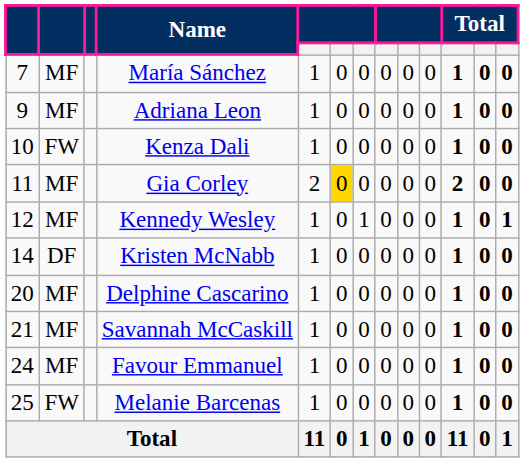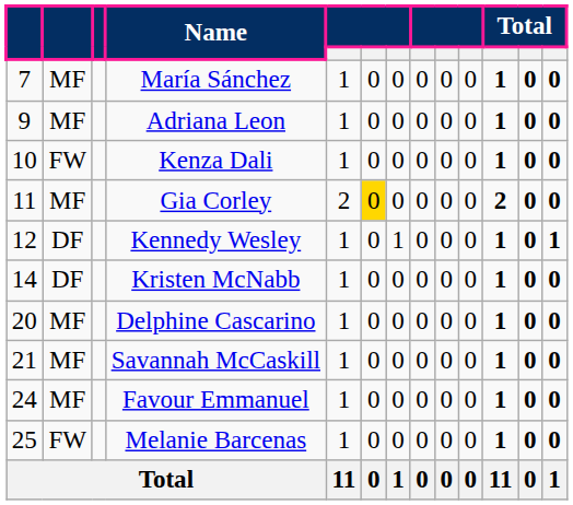 <table class="wikitable sortable" style="text-align:center;">
 <tr>
 <th rowspan="2" style="background:#032E62; color:white; border:2px solid #FC1896;"></th>
 <th rowspan="2" style="background:#032E62; color:white; border:2px solid #FC1896;"></th>
 <th rowspan="2" style="background:#032E62; color:white; border:2px solid #FC1896;"></th>
 <th rowspan="2" style="background:#032E62; color:white; border:2px solid #FC1896;">Name</th>
 <th colspan="3" style="background:#032E62; color:white; border:2px solid #FC1896;"></th>
 <th colspan="3" style="background:#032E62; color:white; border:2px solid #FC1896; "></th>
 <th colspan="3" style="background:#032E62; color:white; border:2px solid #FC1896;">Total</th>
 </tr>
 <tr>
 <th></th>
 <th></th>
 <th></th>
 <th></th>
 <th></th>
 <th></th>
 <th></th>
 <th></th>
 <th></th>
 </tr>
 <tr>
 <td>7</td>
 <td>MF</td>
 <td></td>
 <td><a href='#'>María Sánchez</a></td>
 <td>1</td>
 <td>0</td>
 <td>0</td>
 <td>0</td>
 <td>0</td>
 <td>0</td>
 <td><strong>1</strong></td>
 <td><strong>0</strong></td>
 <td><strong>0</strong></td>
 </tr>
 <tr>
 <td>9</td>
 <td>MF</td>
 <td></td>
 <td><a href='#'>Adriana Leon</a></td>
 <td>1</td>
 <td>0</td>
 <td>0</td>
 <td>0</td>
 <td>0</td>
 <td>0</td>
 <td><strong>1</strong></td>
 <td><strong>0</strong></td>
 <td><strong>0</strong></td>
 </tr>
 <tr>
 <td>10</td>
 <td>FW</td>
 <td></td>
 <td><a href='#'>Kenza Dali</a></td>
 <td>1</td>
 <td>0</td>
 <td>0</td>
 <td>0</td>
 <td>0</td>
 <td>0</td>
 <td><strong>1</strong></td>
 <td><strong>0</strong></td>
 <td><strong>0</strong></td>
 </tr>
 <tr>
 <td>11</td>
 <td>MF</td>
 <td></td>
 <td><a href='#'>Gia Corley</a></td>
 <td>2</td>
 <td style="background: gold;">0</td>
 <td>0</td>
 <td>0</td>
 <td>0</td>
 <td>0</td>
 <td><strong>2</strong></td>
 <td><strong>0</strong></td>
 <td><strong>0</strong></td>
 </tr>
 <tr>
 <td>12</td>
-<td>MF</td>
+<td>DF</td>
 <td></td>
 <td><a href='#'>Kennedy Wesley</a></td>
 <td>1</td>
 <td>0</td>
 <td>1</td>
 <td>0</td>
 <td>0</td>
 <td>0</td>
 <td><strong>1</strong></td>
 <td><strong>0</strong></td>
 <td><strong>1</strong></td>
 </tr>
 <tr>
 <td>14</td>
 <td>DF</td>
 <td></td>
 <td><a href='#'>Kristen McNabb</a></td>
 <td>1</td>
 <td>0</td>
 <td>0</td>
 <td>0</td>
 <td>0</td>
 <td>0</td>
 <td><strong>1</strong></td>
 <td><strong>0</strong></td>
 <td><strong>0</strong></td>
 </tr>
 <tr>
 <td>20</td>
 <td>MF</td>
 <td></td>
 <td><a href='#'>Delphine Cascarino</a></td>
 <td>1</td>
 <td>0</td>
 <td>0</td>
 <td>0</td>
 <td>0</td>
 <td>0</td>
 <td><strong>1</strong></td>
 <td><strong>0</strong></td>
 <td><strong>0</strong></td>
 </tr>
 <tr>
 <td>21</td>
 <td>MF</td>
 <td></td>
 <td><a href='#'>Savannah McCaskill</a></td>
 <td>1</td>
 <td>0</td>
 <td>0</td>
 <td>0</td>
 <td>0</td>
 <td>0</td>
 <td><strong>1</strong></td>
 <td><strong>0</strong></td>
 <td><strong>0</strong></td>
 </tr>
 <tr>
 <td>24</td>
 <td>MF</td>
 <td></td>
 <td><a href='#'>Favour Emmanuel</a></td>
 <td>1</td>
 <td>0</td>
 <td>0</td>
 <td>0</td>
 <td>0</td>
 <td>0</td>
 <td><strong>1</strong></td>
 <td><strong>0</strong></td>
 <td><strong>0</strong></td>
 </tr>
 <tr>
 <td>25</td>
 <td>FW</td>
 <td></td>
 <td><a href='#'>Melanie Barcenas</a></td>
 <td>1</td>
 <td>0</td>
 <td>0</td>
 <td>0</td>
 <td>0</td>
 <td>0</td>
 <td><strong>1</strong></td>
 <td><strong>0</strong></td>
 <td><strong>0</strong></td>
 </tr>
 <tr>
 <th colspan="4">Total</th>
 <th>11</th>
 <th>0</th>
 <th>1</th>
 <th>0</th>
 <th>0</th>
 <th>0</th>
 <th>11</th>
 <th>0</th>
 <th>1</th>
 </tr>
 </table>
